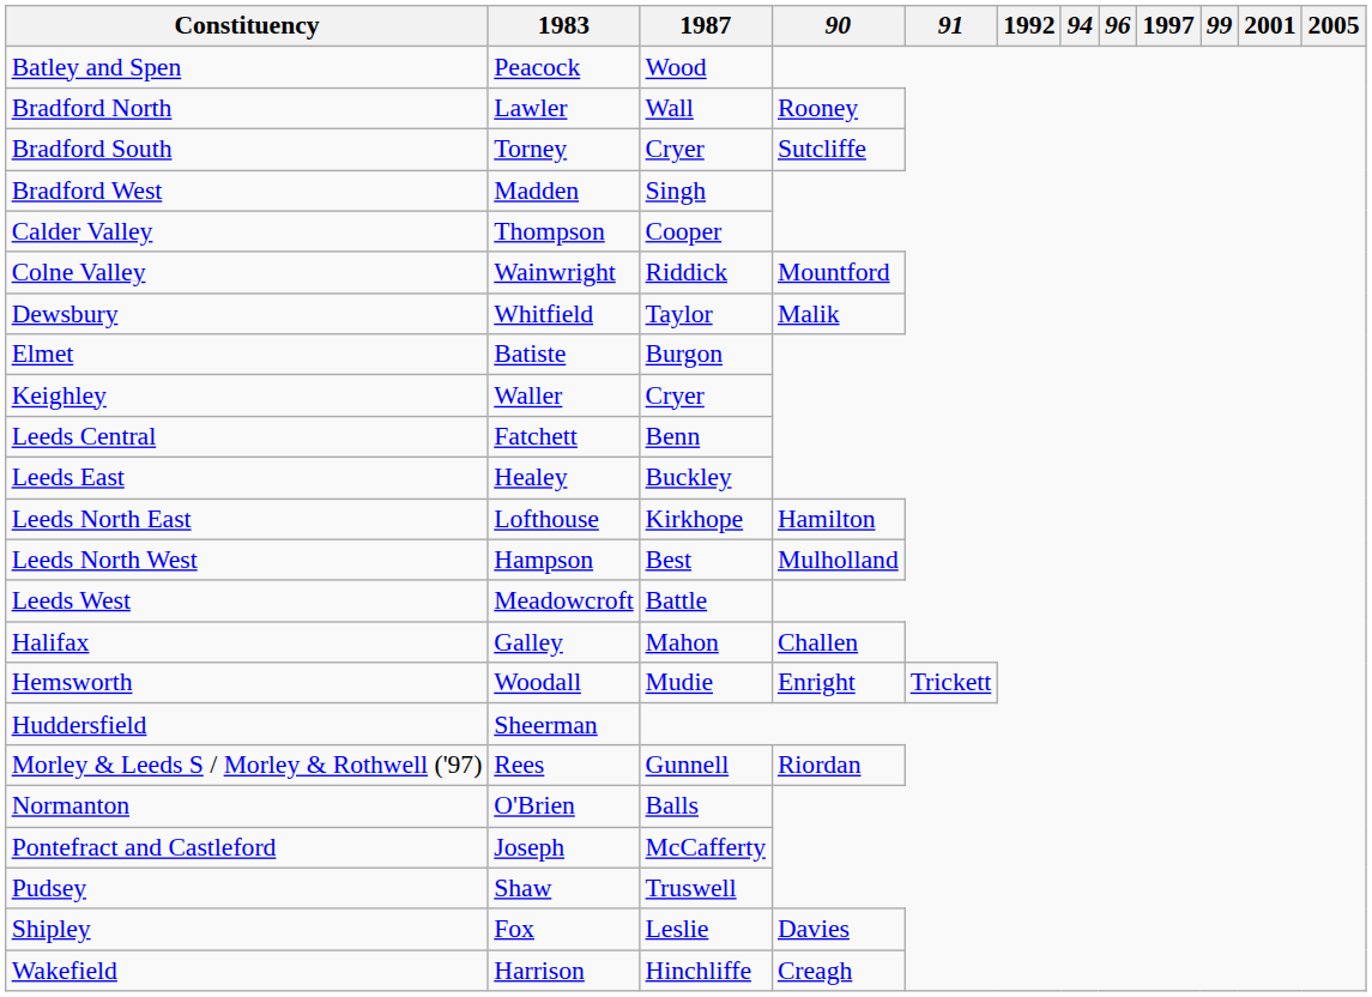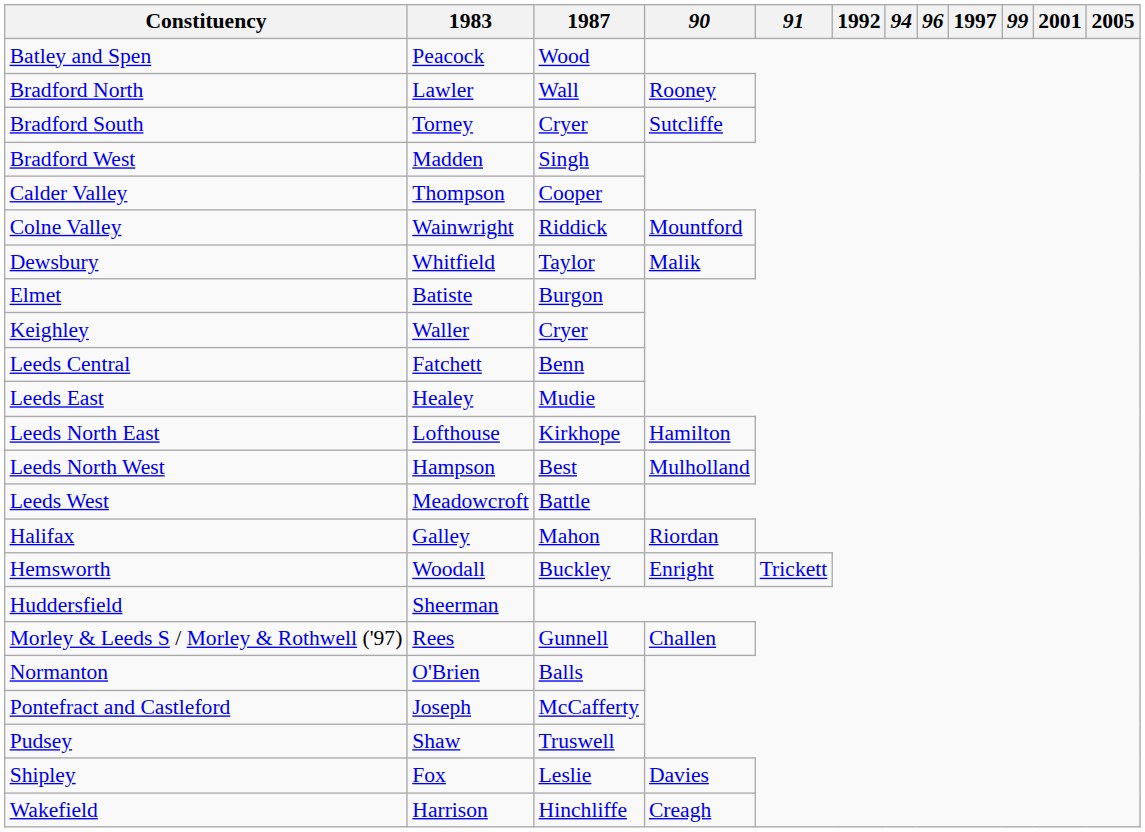 <table class="wikitable">
 <tr>
 <th>Constituency</th>
 <th>1983</th>
 <th>1987</th>
 <th><em>90</em></th>
 <th><em>91</em></th>
 <th>1992</th>
 <th><em>94</em></th>
 <th><em>96</em></th>
 <th>1997</th>
 <th><em>99</em></th>
 <th>2001</th>
 <th>2005</th>
 </tr>
 <tr>
 <td><a href='#'>Batley and Spen</a></td>
 <td><a href='#'>Peacock</a></td>
 <td><a href='#'>Wood</a></td>
 </tr>
 <tr>
 <td><a href='#'>Bradford North</a></td>
 <td><a href='#'>Lawler</a></td>
 <td><a href='#'>Wall</a></td>
 <td><a href='#'>Rooney</a></td>
 </tr>
 <tr>
 <td><a href='#'>Bradford South</a></td>
 <td><a href='#'>Torney</a></td>
 <td><a href='#'>Cryer</a></td>
 <td><a href='#'>Sutcliffe</a></td>
 </tr>
 <tr>
 <td><a href='#'>Bradford West</a></td>
 <td><a href='#'>Madden</a></td>
 <td><a href='#'>Singh</a></td>
 </tr>
 <tr>
 <td><a href='#'>Calder Valley</a></td>
 <td><a href='#'>Thompson</a></td>
 <td><a href='#'>Cooper</a></td>
 </tr>
 <tr>
 <td><a href='#'>Colne Valley</a></td>
 <td><a href='#'>Wainwright</a></td>
 <td><a href='#'>Riddick</a></td>
 <td><a href='#'>Mountford</a></td>
 </tr>
 <tr>
 <td><a href='#'>Dewsbury</a></td>
 <td><a href='#'>Whitfield</a></td>
 <td><a href='#'>Taylor</a></td>
 <td><a href='#'>Malik</a></td>
 </tr>
 <tr>
 <td><a href='#'>Elmet</a></td>
 <td><a href='#'>Batiste</a></td>
 <td><a href='#'>Burgon</a></td>
 </tr>
 <tr>
 <td><a href='#'>Keighley</a></td>
 <td><a href='#'>Waller</a></td>
 <td><a href='#'>Cryer</a></td>
 </tr>
 <tr>
 <td><a href='#'>Leeds Central</a></td>
 <td><a href='#'>Fatchett</a></td>
 <td><a href='#'>Benn</a></td>
 </tr>
 <tr>
 <td><a href='#'>Leeds East</a></td>
 <td><a href='#'>Healey</a></td>
-<td><a href='#'>Buckley</a></td>
+<td><a href='#'>Mudie</a></td>
 </tr>
 <tr>
 <td><a href='#'>Leeds North East</a></td>
 <td><a href='#'>Lofthouse</a></td>
 <td><a href='#'>Kirkhope</a></td>
 <td><a href='#'>Hamilton</a></td>
 </tr>
 <tr>
 <td><a href='#'>Leeds North West</a></td>
 <td><a href='#'>Hampson</a></td>
 <td><a href='#'>Best</a></td>
 <td><a href='#'>Mulholland</a></td>
 </tr>
 <tr>
 <td><a href='#'>Leeds West</a></td>
 <td><a href='#'>Meadowcroft</a></td>
 <td><a href='#'>Battle</a></td>
 </tr>
 <tr>
 <td><a href='#'>Halifax</a></td>
 <td><a href='#'>Galley</a></td>
 <td><a href='#'>Mahon</a></td>
-<td><a href='#'>Challen</a></td>
+<td><a href='#'>Riordan</a></td>
 </tr>
 <tr>
 <td><a href='#'>Hemsworth</a></td>
 <td><a href='#'>Woodall</a></td>
-<td><a href='#'>Mudie</a></td>
+<td><a href='#'>Buckley</a></td>
 <td><a href='#'>Enright</a></td>
 <td><a href='#'>Trickett</a></td>
 </tr>
 <tr>
 <td><a href='#'>Huddersfield</a></td>
 <td><a href='#'>Sheerman</a></td>
 </tr>
 <tr>
 <td><a href='#'>Morley & Leeds S</a> / <a href='#'>Morley & Rothwell</a> ('97)</td>
 <td><a href='#'>Rees</a></td>
 <td><a href='#'>Gunnell</a></td>
-<td><a href='#'>Riordan</a></td>
+<td><a href='#'>Challen</a></td>
 </tr>
 <tr>
 <td><a href='#'>Normanton</a></td>
 <td><a href='#'>O'Brien</a></td>
 <td><a href='#'>Balls</a></td>
 </tr>
 <tr>
 <td><a href='#'>Pontefract and Castleford</a></td>
 <td><a href='#'>Joseph</a></td>
 <td><a href='#'>McCafferty</a></td>
 </tr>
 <tr>
 <td><a href='#'>Pudsey</a></td>
 <td><a href='#'>Shaw</a></td>
 <td><a href='#'>Truswell</a></td>
 </tr>
 <tr>
 <td><a href='#'>Shipley</a></td>
 <td><a href='#'>Fox</a></td>
 <td><a href='#'>Leslie</a></td>
 <td><a href='#'>Davies</a></td>
 </tr>
 <tr>
 <td><a href='#'>Wakefield</a></td>
 <td><a href='#'>Harrison</a></td>
 <td><a href='#'>Hinchliffe</a></td>
 <td><a href='#'>Creagh</a></td>
 </tr>
 </table>
